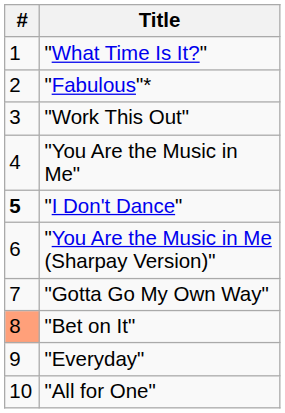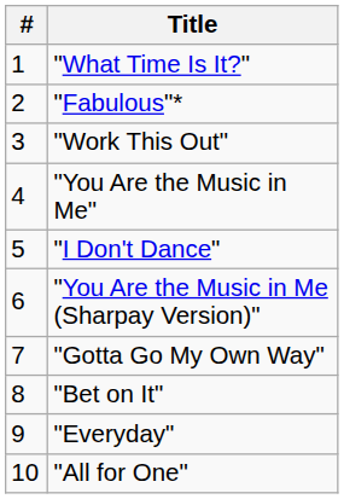 <table class="wikitable" style="font-size: 100%">
 <tr>
 <th width="20" align="center">#</th>
 <th width="180" align="center">Title</th>
 </tr>
 <tr>
 <td>1</td>
 <td>"<a href='#'>What Time Is It?</a>"</td>
 </tr>
 <tr>
 <td>2</td>
 <td>"<a href='#'>Fabulous</a>"*</td>
 </tr>
 <tr>
 <td>3</td>
 <td>"Work This Out"</td>
 </tr>
 <tr>
 <td>4</td>
 <td>"You Are the Music in Me"</td>
 </tr>
 <tr>
-<td><strong>5</strong></td>
+<td>5</td>
 <td>"<a href='#'>I Don't Dance</a>"</td>
 </tr>
 <tr>
 <td>6</td>
 <td>"<a href='#'>You Are the Music in Me</a> (Sharpay Version)"</td>
 </tr>
 <tr>
 <td>7</td>
 <td>"Gotta Go My Own Way"</td>
 </tr>
 <tr>
-<td style="background: lightsalmon;">8</td>
+<td>8</td>
 <td>"Bet on It"</td>
 </tr>
 <tr>
 <td>9</td>
 <td>"Everyday"</td>
 </tr>
 <tr>
 <td>10</td>
 <td>"All for One"</td>
 </tr>
 </table>
